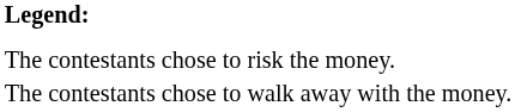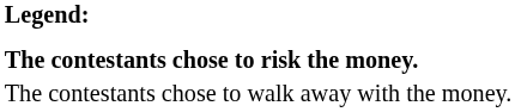 <table class="toccolours" style="font-size:100%; white-space:nowrap;">
 <tr>
 <td><strong>Legend:</strong></td>
 <td>      </td>
 </tr>
 <tr>
 <td></td>
 </tr>
 <tr>
 <td></td>
 </tr>
 <tr>
-<td> The contestants chose to risk the money.</td>
+<td><strong> The contestants chose to risk the money.</strong></td>
 </tr>
 <tr>
 <td> The contestants chose to walk away with the money.</td>
 </tr>
 </table>
